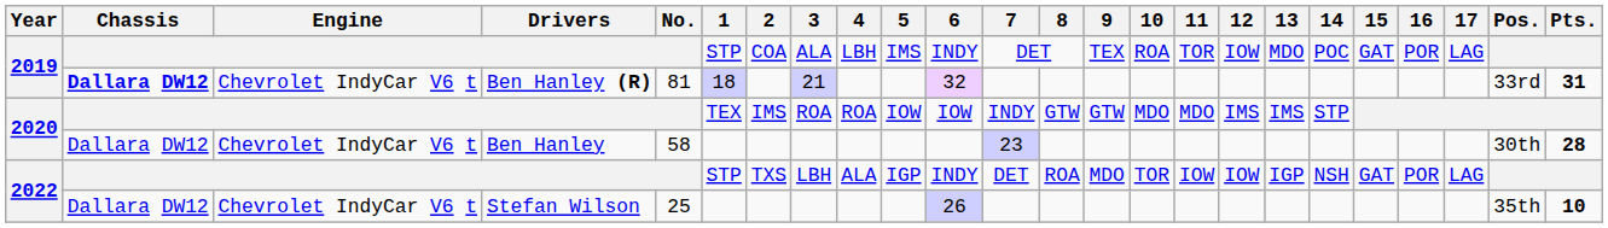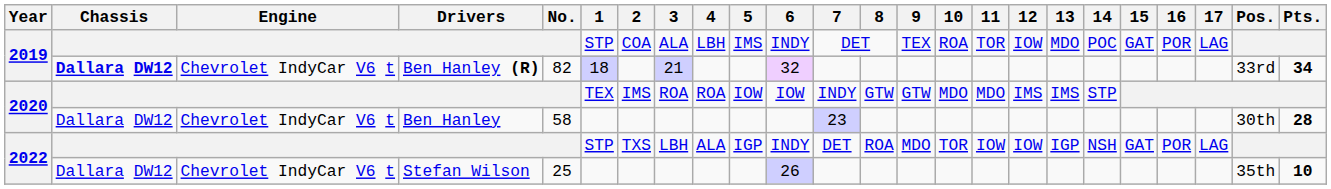 <table class="wikitable" style="text-align:center; font-size:85%">
 <tr>
 <th>Year</th>
 <th style="white-spaaace: nowrap;">Chassis</th>
 <th style="white-spaaace: nowrap;">Engine</th>
 <th style="white-spaaace: nowrap;">Drivers</th>
 <th>No.</th>
 <th>1</th>
 <th>2</th>
 <th>3</th>
 <th>4</th>
 <th>5</th>
 <th>6</th>
 <th>7</th>
 <th>8</th>
 <th>9</th>
 <th>10</th>
 <th>11</th>
 <th>12</th>
 <th>13</th>
 <th>14</th>
 <th>15</th>
 <th>16</th>
 <th>17</th>
 <th>Pos.</th>
 <th>Pts.</th>
 </tr>
 <tr>
 <th rowspan=2><a href='#'>2019</a></th>
 <th colspan=4></th>
 <td><a href='#'>STP</a></td>
 <td><a href='#'>COA</a></td>
 <td><a href='#'>ALA</a></td>
 <td><a href='#'>LBH</a></td>
 <td><a href='#'>IMS</a></td>
 <td><a href='#'>INDY</a></td>
 <td colspan=2><a href='#'>DET</a></td>
 <td><a href='#'>TEX</a></td>
 <td><a href='#'>ROA</a></td>
 <td><a href='#'>TOR</a></td>
 <td><a href='#'>IOW</a></td>
 <td><a href='#'>MDO</a></td>
 <td><a href='#'>POC</a></td>
 <td><a href='#'>GAT</a></td>
 <td><a href='#'>POR</a></td>
 <td><a href='#'>LAG</a></td>
 <th colspan=4></th>
 </tr>
 <tr>
 <td><strong><a href='#'>Dallara</a> <a href='#'>DW12</a></strong></td>
 <td><a href='#'>Chevrolet</a> IndyCar <a href='#'>V6</a> <a href='#'>t</a></td>
 <td align="left"> <a href='#'>Ben Hanley</a> <strong>(R)</strong></td>
-<td>81</td>
+<td>82</td>
 <td style="background:#CFCFFF;">18</td>
 <td></td>
 <td style="background:#CFCFFF;">21</td>
 <td></td>
 <td></td>
 <td style="background:#EFCFFF;">32</td>
 <td></td>
 <td></td>
 <td></td>
 <td></td>
 <td></td>
 <td></td>
 <td></td>
 <td></td>
 <td></td>
 <td></td>
 <td></td>
 <td>33rd</td>
-<td><strong>31</strong></td>
+<td><strong>34</strong></td>
 </tr>
 <tr>
 <th rowspan=2><a href='#'>2020</a></th>
 <th colspan=4></th>
 <td><a href='#'>TEX</a></td>
 <td><a href='#'>IMS</a></td>
 <td><a href='#'>ROA</a></td>
 <td><a href='#'>ROA</a></td>
 <td><a href='#'>IOW</a></td>
 <td><a href='#'>IOW</a></td>
 <td><a href='#'>INDY</a></td>
 <td><a href='#'>GTW</a></td>
 <td><a href='#'>GTW</a></td>
 <td><a href='#'>MDO</a></td>
 <td><a href='#'>MDO</a></td>
 <td><a href='#'>IMS</a></td>
 <td><a href='#'>IMS</a></td>
 <td><a href='#'>STP</a></td>
 <th colspan=7></th>
 </tr>
 <tr>
 <td><a href='#'>Dallara</a> <a href='#'>DW12</a></td>
 <td><a href='#'>Chevrolet</a> IndyCar <a href='#'>V6</a> <a href='#'>t</a></td>
 <td align="left"> <a href='#'>Ben Hanley</a> </td>
 <td>58</td>
 <td></td>
 <td></td>
 <td></td>
 <td></td>
 <td></td>
 <td></td>
 <td style="background:#CFCFFF;">23</td>
 <td></td>
 <td></td>
 <td></td>
 <td></td>
 <td></td>
 <td></td>
 <td></td>
 <td></td>
 <td></td>
 <td></td>
 <td>30th</td>
 <td><strong>28</strong></td>
 </tr>
 <tr>
 <th rowspan=2><a href='#'>2022</a></th>
 <th colspan=4></th>
 <td><a href='#'>STP</a></td>
 <td><a href='#'>TXS</a></td>
 <td><a href='#'>LBH</a></td>
 <td><a href='#'>ALA</a></td>
 <td><a href='#'>IGP</a></td>
 <td><a href='#'>INDY</a></td>
 <td><a href='#'>DET</a></td>
 <td><a href='#'>ROA</a></td>
 <td><a href='#'>MDO</a></td>
 <td><a href='#'>TOR</a></td>
 <td><a href='#'>IOW</a></td>
 <td><a href='#'>IOW</a></td>
 <td><a href='#'>IGP</a></td>
 <td><a href='#'>NSH</a></td>
 <td><a href='#'>GAT</a></td>
 <td><a href='#'>POR</a></td>
 <td><a href='#'>LAG</a></td>
 <th colspan=2></th>
 </tr>
 <tr>
 <td><a href='#'>Dallara</a> <a href='#'>DW12</a></td>
 <td><a href='#'>Chevrolet</a> IndyCar <a href='#'>V6</a> <a href='#'>t</a></td>
 <td align="left"> <a href='#'>Stefan Wilson</a> </td>
 <td>25</td>
 <td></td>
 <td></td>
 <td></td>
 <td></td>
 <td></td>
 <td style="background:#CFCFFF;">26</td>
 <td></td>
 <td></td>
 <td></td>
 <td></td>
 <td></td>
 <td></td>
 <td></td>
 <td></td>
 <td></td>
 <td></td>
 <td></td>
 <td>35th</td>
 <td><strong>10</strong></td>
 </tr>
 </table>
